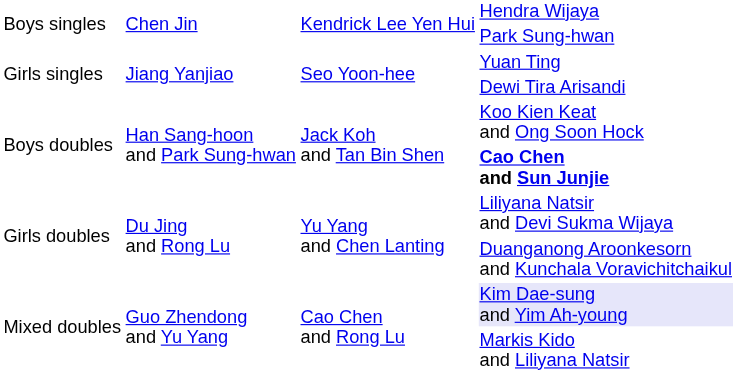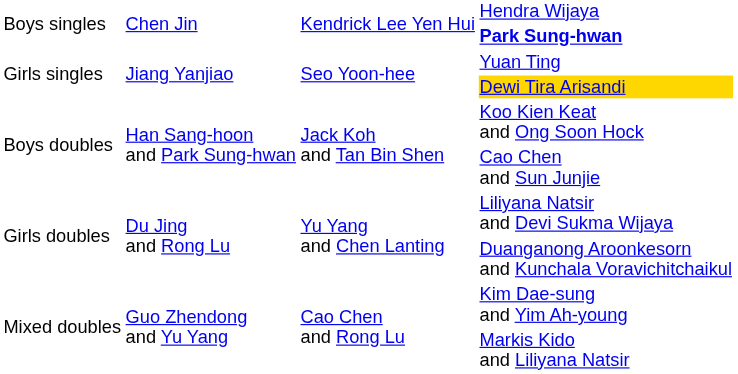 <table>
 <tr>
 <td rowspan=2>Boys singles</td>
 <td rowspan=2> <a href='#'>Chen Jin</a></td>
 <td rowspan=2> <a href='#'>Kendrick Lee Yen Hui</a></td>
 <td> <a href='#'>Hendra Wijaya</a></td>
 </tr>
 <tr>
-<td> <a href='#'>Park Sung-hwan</a></td>
+<td><strong> <a href='#'>Park Sung-hwan</a></strong></td>
 </tr>
 <tr>
 <td rowspan=2>Girls singles</td>
 <td rowspan=2> <a href='#'>Jiang Yanjiao</a></td>
 <td rowspan=2> <a href='#'>Seo Yoon-hee</a></td>
 <td> <a href='#'>Yuan Ting</a></td>
 </tr>
 <tr>
-<td> <a href='#'>Dewi Tira Arisandi</a></td>
+<td style="background: gold;"> <a href='#'>Dewi Tira Arisandi</a></td>
 </tr>
 <tr>
 <td rowspan=2>Boys doubles</td>
 <td rowspan=2> <a href='#'>Han Sang-hoon</a><br>and <a href='#'>Park Sung-hwan</a></td>
 <td rowspan=2> <a href='#'>Jack Koh</a><br>and <a href='#'>Tan Bin Shen</a></td>
 <td> <a href='#'>Koo Kien Keat</a><br>and <a href='#'>Ong Soon Hock</a></td>
 </tr>
 <tr>
-<td><strong> <a href='#'>Cao Chen</a><br>and <a href='#'>Sun Junjie</a></strong></td>
+<td> <a href='#'>Cao Chen</a><br>and <a href='#'>Sun Junjie</a></td>
 </tr>
 <tr>
 <td rowspan=2>Girls doubles</td>
 <td rowspan=2> <a href='#'>Du Jing</a><br>and <a href='#'>Rong Lu</a></td>
 <td rowspan=2> <a href='#'>Yu Yang</a><br>and <a href='#'>Chen Lanting</a></td>
 <td> <a href='#'>Liliyana Natsir</a><br>and <a href='#'>Devi Sukma Wijaya</a></td>
 </tr>
 <tr>
 <td> <a href='#'>Duanganong Aroonkesorn</a><br>and <a href='#'>Kunchala Voravichitchaikul</a></td>
 </tr>
 <tr>
 <td rowspan=2>Mixed doubles</td>
 <td rowspan=2> <a href='#'>Guo Zhendong</a><br>and <a href='#'>Yu Yang</a></td>
 <td rowspan=2> <a href='#'>Cao Chen</a><br>and <a href='#'>Rong Lu</a></td>
-<td style="background: lavender;"> <a href='#'>Kim Dae-sung</a><br>and <a href='#'>Yim Ah-young</a></td>
+<td> <a href='#'>Kim Dae-sung</a><br>and <a href='#'>Yim Ah-young</a></td>
 </tr>
 <tr>
 <td> <a href='#'>Markis Kido</a><br>and <a href='#'>Liliyana Natsir</a></td>
 </tr>
 </table>
